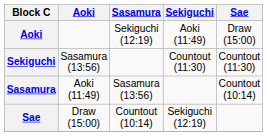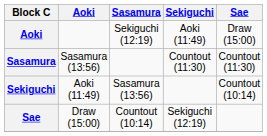 <table class="wikitable" style="text-align:center; margin: 1em auto 1em auto;" width="25%">
 <tr>
 <th>Block C</th>
 <th><a href='#'>Aoki</a></th>
 <th><a href='#'>Sasamura</a></th>
 <th><a href='#'>Sekiguchi</a></th>
 <th><a href='#'>Sae</a></th>
 </tr>
 <tr>
 <th><a href='#'>Aoki</a></th>
 <td></td>
 <td>Sekiguchi<br>(12:19)</td>
 <td>Aoki<br>(11:49)</td>
 <td>Draw<br>(15:00)</td>
 </tr>
 <tr>
-<th><a href='#'>Sekiguchi</a></th>
+<th><a href='#'>Sasamura</a></th>
 <td>Sasamura<br>(13:56)</td>
 <td></td>
 <td>Countout<br>(11:30)</td>
 <td>Countout<br>(11:30)</td>
 </tr>
 <tr>
-<th><a href='#'>Sasamura</a></th>
+<th><a href='#'>Sekiguchi</a></th>
 <td>Aoki<br>(11:49)</td>
 <td>Sasamura<br>(13:56)</td>
 <td></td>
 <td>Countout<br>(10:14)</td>
 </tr>
 <tr>
 <th><a href='#'>Sae</a></th>
 <td>Draw<br>(15:00)</td>
 <td>Countout<br>(10:14)</td>
 <td>Sekiguchi<br>(12:19)</td>
 <td></td>
 </tr>
 <tr>
 </tr>
 </table>
